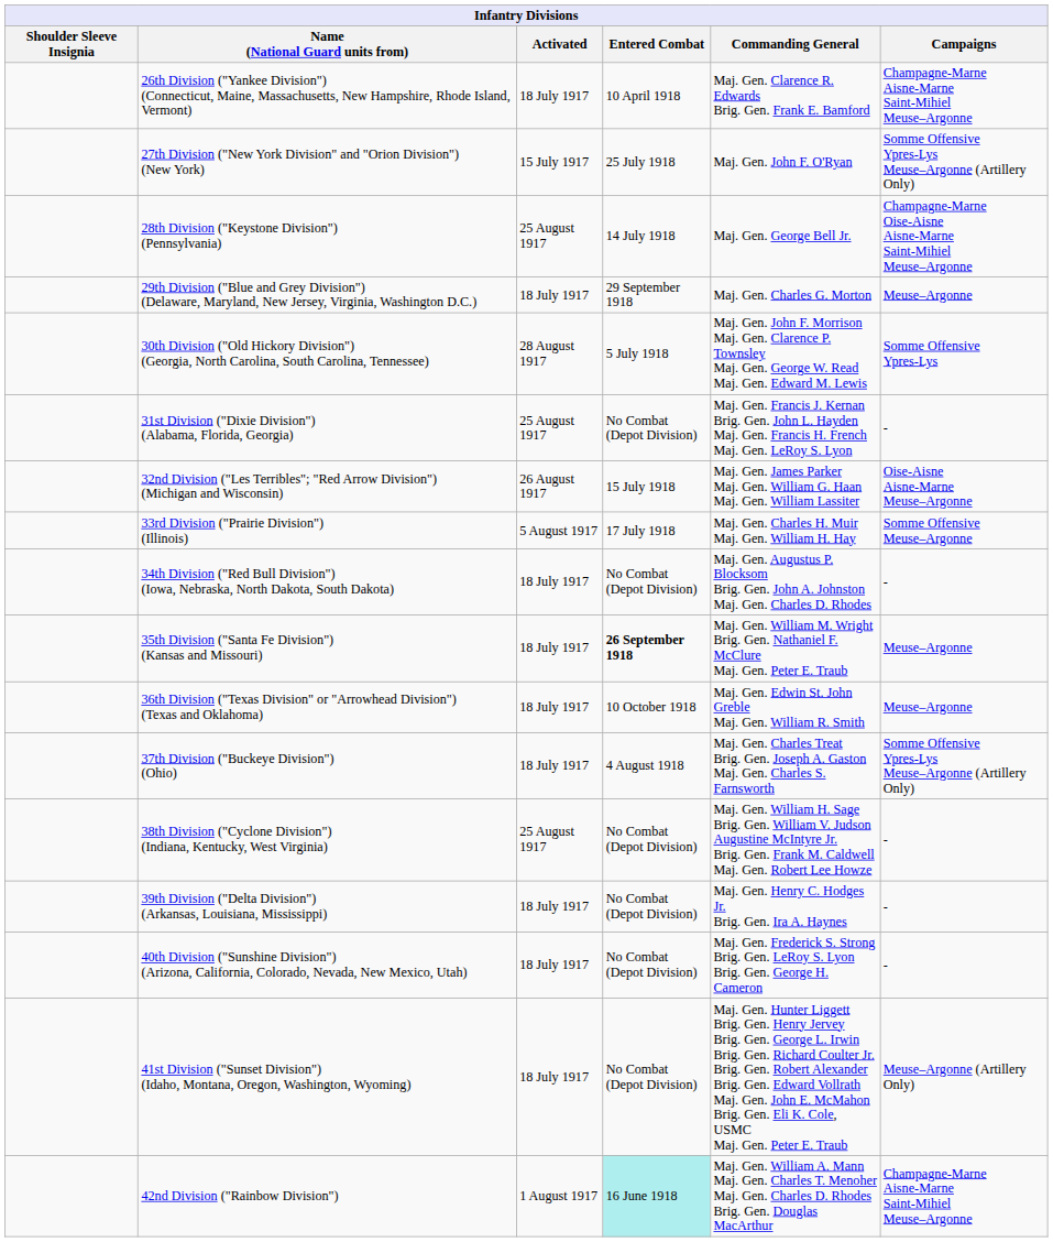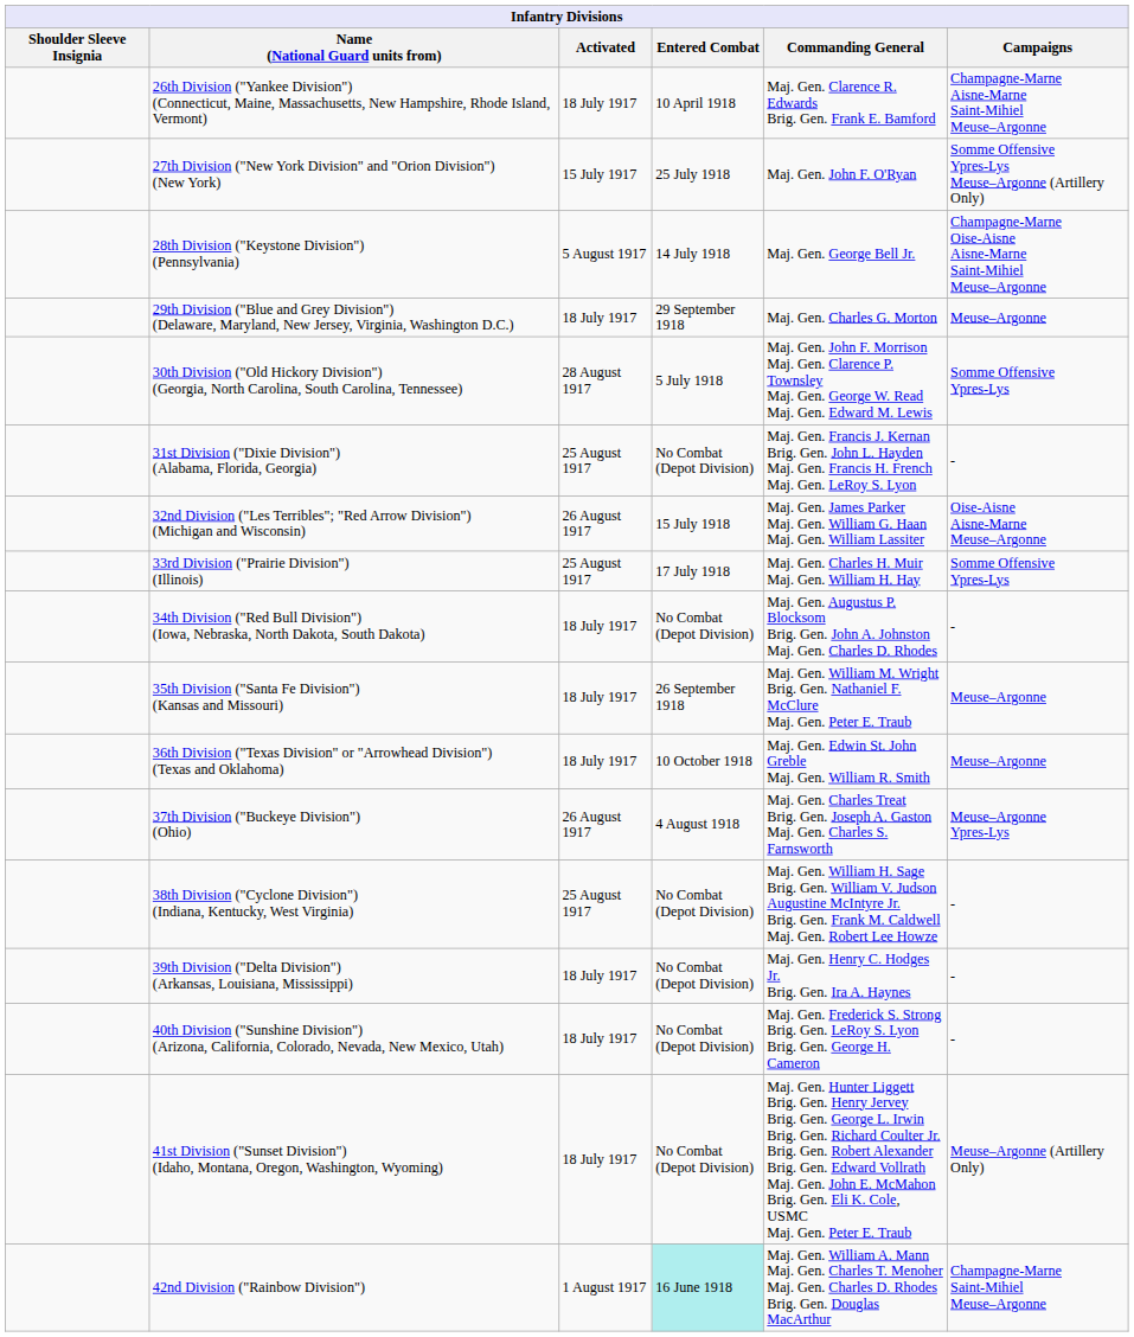 <table class="wikitable">
 <tr>
 <th style="align: center; background: lavender;" colspan="9">Infantry Divisions</th>
 </tr>
 <tr>
 <th style="text-align: center; ">Shoulder Sleeve Insignia</th>
 <th style="text-align: center; ">Name<br>(<a href='#'>National Guard</a> units from)</th>
 <th style="text-align: center; ">Activated</th>
 <th style="text-align: center; ">Entered Combat</th>
 <th style="text-align: center; ">Commanding General</th>
 <th style="text-align: center; ">Campaigns</th>
 </tr>
 <tr>
 <td></td>
 <td><a href='#'>26th Division</a> ("Yankee Division")<br>(Connecticut, Maine, Massachusetts, New Hampshire, Rhode Island, Vermont)</td>
 <td>18 July 1917</td>
 <td>10 April 1918</td>
 <td>Maj. Gen. <a href='#'>Clarence R. Edwards</a><br>Brig. Gen. <a href='#'>Frank E. Bamford</a></td>
 <td><a href='#'>Champagne-Marne</a><br><a href='#'>Aisne-Marne</a><br><a href='#'>Saint-Mihiel</a><br><a href='#'>Meuse–Argonne</a></td>
 </tr>
 <tr>
 <td></td>
 <td><a href='#'>27th Division</a> ("New York Division" and "Orion Division")<br>(New York)</td>
 <td>15 July 1917</td>
 <td>25 July 1918</td>
 <td>Maj. Gen. <a href='#'>John F. O'Ryan</a></td>
 <td><a href='#'>Somme Offensive</a><br><a href='#'>Ypres-Lys</a><br><a href='#'>Meuse–Argonne</a> (Artillery Only)</td>
 </tr>
 <tr>
 <td></td>
 <td><a href='#'>28th Division</a> ("Keystone Division")<br>(Pennsylvania)</td>
-<td>25 August 1917</td>
+<td>5 August 1917</td>
 <td>14 July 1918</td>
 <td>Maj. Gen. <a href='#'>George Bell Jr.</a></td>
 <td><a href='#'>Champagne-Marne</a><br><a href='#'>Oise-Aisne</a><br><a href='#'>Aisne-Marne</a><br><a href='#'>Saint-Mihiel</a><br><a href='#'>Meuse–Argonne</a></td>
 </tr>
 <tr>
 <td></td>
 <td><a href='#'>29th Division</a> ("Blue and Grey Division")<br>(Delaware, Maryland, New Jersey, Virginia, Washington D.C.)</td>
 <td>18 July 1917</td>
 <td>29 September 1918</td>
 <td>Maj. Gen. <a href='#'>Charles G. Morton</a></td>
 <td><a href='#'>Meuse–Argonne</a></td>
 </tr>
 <tr>
 <td></td>
 <td><a href='#'>30th Division</a> ("Old Hickory Division")<br>(Georgia, North Carolina, South Carolina, Tennessee)</td>
 <td>28 August 1917</td>
 <td>5 July 1918</td>
 <td>Maj. Gen. <a href='#'>John F. Morrison</a> <br>Maj. Gen. <a href='#'>Clarence P. Townsley</a><br>Maj. Gen. <a href='#'>George W. Read</a><br>Maj. Gen. <a href='#'>Edward M. Lewis</a></td>
 <td><a href='#'>Somme Offensive</a><br><a href='#'>Ypres-Lys</a></td>
 </tr>
 <tr>
 <td></td>
 <td><a href='#'>31st Division</a> ("Dixie Division")<br>(Alabama, Florida, Georgia)</td>
 <td>25 August 1917</td>
 <td>No Combat<br>(Depot Division)</td>
 <td>Maj. Gen. <a href='#'>Francis J. Kernan</a><br>Brig. Gen. <a href='#'>John L. Hayden</a><br>Maj. Gen. <a href='#'>Francis H. French</a><br>Maj. Gen. <a href='#'>LeRoy S. Lyon</a></td>
 <td>-</td>
 </tr>
 <tr>
 <td></td>
 <td><a href='#'>32nd Division</a> ("Les Terribles"; "Red Arrow Division")<br>(Michigan and Wisconsin)</td>
 <td>26 August 1917</td>
 <td>15 July 1918</td>
 <td>Maj. Gen. <a href='#'>James Parker</a><br>Maj. Gen. <a href='#'>William G. Haan</a><br>Maj. Gen. <a href='#'>William Lassiter</a></td>
 <td><a href='#'>Oise-Aisne</a><br><a href='#'>Aisne-Marne</a><br><a href='#'>Meuse–Argonne</a></td>
 </tr>
 <tr>
 <td></td>
 <td><a href='#'>33rd Division</a> ("Prairie Division")<br>(Illinois)</td>
-<td>5 August 1917</td>
+<td>25 August 1917</td>
 <td>17 July 1918</td>
 <td>Maj. Gen. <a href='#'>Charles H. Muir</a><br>Maj. Gen. <a href='#'>William H. Hay</a></td>
-<td><a href='#'>Somme Offensive</a><br><a href='#'>Meuse–Argonne</a></td>
+<td><a href='#'>Somme Offensive</a><br><a href='#'>Ypres-Lys</a></td>
 </tr>
 <tr>
 <td></td>
 <td><a href='#'>34th Division</a> ("Red Bull Division")<br>(Iowa, Nebraska, North Dakota, South Dakota)</td>
 <td>18 July 1917</td>
 <td>No Combat<br>(Depot Division)</td>
 <td>Maj. Gen. <a href='#'>Augustus P. Blocksom</a><br>Brig. Gen. <a href='#'>John A. Johnston</a><br>Maj. Gen. <a href='#'>Charles D. Rhodes</a></td>
 <td>-</td>
 </tr>
 <tr>
 <td></td>
 <td><a href='#'>35th Division</a> ("Santa Fe Division")<br>(Kansas and Missouri)</td>
 <td>18 July 1917</td>
-<td><strong>26 September 1918</strong></td>
+<td>26 September 1918</td>
 <td>Maj. Gen. <a href='#'>William M. Wright</a><br>Brig. Gen. <a href='#'>Nathaniel F. McClure</a><br>Maj. Gen. <a href='#'>Peter E. Traub</a></td>
 <td><a href='#'>Meuse–Argonne</a></td>
 </tr>
 <tr>
 <td></td>
 <td><a href='#'>36th Division</a> ("Texas Division" or "Arrowhead Division")<br>(Texas and Oklahoma)</td>
 <td>18 July 1917</td>
 <td>10 October 1918</td>
 <td>Maj. Gen. <a href='#'>Edwin St. John Greble</a><br>Maj. Gen. <a href='#'>William R. Smith</a></td>
 <td><a href='#'>Meuse–Argonne</a></td>
 </tr>
 <tr>
 <td></td>
 <td><a href='#'>37th Division</a> ("Buckeye Division")<br>(Ohio)</td>
-<td>18 July 1917</td>
+<td>26 August 1917</td>
 <td>4 August 1918</td>
 <td>Maj. Gen. <a href='#'>Charles Treat</a><br>Brig. Gen. <a href='#'>Joseph A. Gaston</a><br>Maj. Gen. <a href='#'>Charles S. Farnsworth</a></td>
-<td><a href='#'>Somme Offensive</a><br><a href='#'>Ypres-Lys</a><br><a href='#'>Meuse–Argonne</a> (Artillery Only)</td>
+<td><a href='#'>Meuse–Argonne</a><br><a href='#'>Ypres-Lys</a></td>
 </tr>
 <tr>
 <td></td>
 <td><a href='#'>38th Division</a> ("Cyclone Division")<br>(Indiana, Kentucky, West Virginia)</td>
 <td>25 August 1917</td>
 <td>No Combat<br>(Depot Division)</td>
 <td>Maj. Gen. <a href='#'>William H. Sage</a><br>Brig. Gen. <a href='#'>William V. Judson</a><br><a href='#'>Augustine McIntyre Jr.</a><br>Brig. Gen. <a href='#'>Frank M. Caldwell</a><br>Maj. Gen. <a href='#'>Robert Lee Howze</a></td>
 <td>-</td>
 </tr>
 <tr>
 <td></td>
 <td><a href='#'>39th Division</a> ("Delta Division")<br>(Arkansas, Louisiana, Mississippi)</td>
 <td>18 July 1917</td>
 <td>No Combat<br>(Depot Division)</td>
 <td>Maj. Gen. <a href='#'>Henry C. Hodges Jr.</a><br>Brig. Gen. <a href='#'>Ira A. Haynes</a></td>
 <td>-</td>
 </tr>
 <tr>
 <td></td>
 <td><a href='#'>40th Division</a> ("Sunshine Division")<br>(Arizona, California, Colorado, Nevada, New Mexico, Utah)</td>
 <td>18 July 1917</td>
 <td>No Combat<br>(Depot Division)</td>
 <td>Maj. Gen. <a href='#'>Frederick S. Strong</a><br>Brig. Gen. <a href='#'>LeRoy S. Lyon</a><br>Brig. Gen. <a href='#'>George H. Cameron</a></td>
 <td>-</td>
 </tr>
 <tr>
 <td></td>
 <td><a href='#'>41st Division</a> ("Sunset Division")<br>(Idaho, Montana, Oregon, Washington, Wyoming)</td>
 <td>18 July 1917</td>
 <td>No Combat<br>(Depot Division)</td>
 <td>Maj. Gen. <a href='#'>Hunter Liggett</a><br>Brig. Gen. <a href='#'>Henry Jervey</a><br>Brig. Gen. <a href='#'>George L. Irwin</a><br>Brig. Gen. <a href='#'>Richard Coulter Jr.</a><br>Brig. Gen. <a href='#'>Robert Alexander</a><br>Brig. Gen. <a href='#'>Edward Vollrath</a><br>Maj. Gen. <a href='#'>John E. McMahon</a><br>Brig. Gen. <a href='#'>Eli K. Cole</a>, USMC<br>Maj. Gen. <a href='#'>Peter E. Traub</a></td>
 <td><a href='#'>Meuse–Argonne</a> (Artillery Only)</td>
 </tr>
 <tr>
 <td></td>
 <td><a href='#'>42nd Division</a> ("Rainbow Division")</td>
 <td>1 August 1917</td>
 <td style="background: paleturquoise;">16 June 1918</td>
 <td>Maj. Gen. <a href='#'>William A. Mann</a><br>Maj. Gen. <a href='#'>Charles T. Menoher</a><br>Maj. Gen. <a href='#'>Charles D. Rhodes</a><br>Brig. Gen. <a href='#'>Douglas MacArthur</a></td>
-<td><a href='#'>Champagne-Marne</a><br><a href='#'>Aisne-Marne</a><br><a href='#'>Saint-Mihiel</a><br><a href='#'>Meuse–Argonne</a></td>
+<td><a href='#'>Champagne-Marne</a><br><a href='#'>Saint-Mihiel</a><br><a href='#'>Meuse–Argonne</a></td>
 </tr>
 </table>
